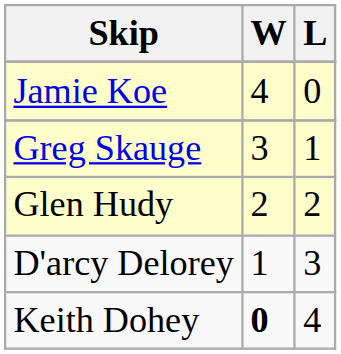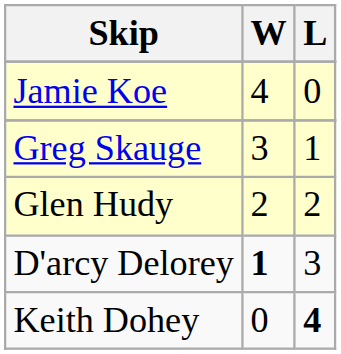 <table class="wikitable">
 <tr>
 <th>Skip</th>
 <th>W</th>
 <th>L</th>
 </tr>
 <tr>
 </tr>
 <tr bgcolor=#ffffcc>
 <td><a href='#'>Jamie Koe</a></td>
 <td>4</td>
 <td>0</td>
 </tr>
 <tr>
 </tr>
 <tr bgcolor=#ffffcc>
 <td><a href='#'>Greg Skauge</a></td>
 <td>3</td>
 <td>1</td>
 </tr>
 <tr bgcolor=#ffffcc>
 <td>Glen Hudy</td>
 <td>2</td>
 <td>2</td>
 </tr>
 <tr>
 <td>D'arcy Delorey</td>
-<td>1</td>
+<td><strong>1</strong></td>
 <td>3</td>
 </tr>
 <tr>
 <td>Keith Dohey</td>
-<td><strong>0</strong></td>
-<td>4</td>
+<td>0</td>
+<td><strong>4</strong></td>
 </tr>
 </table>
